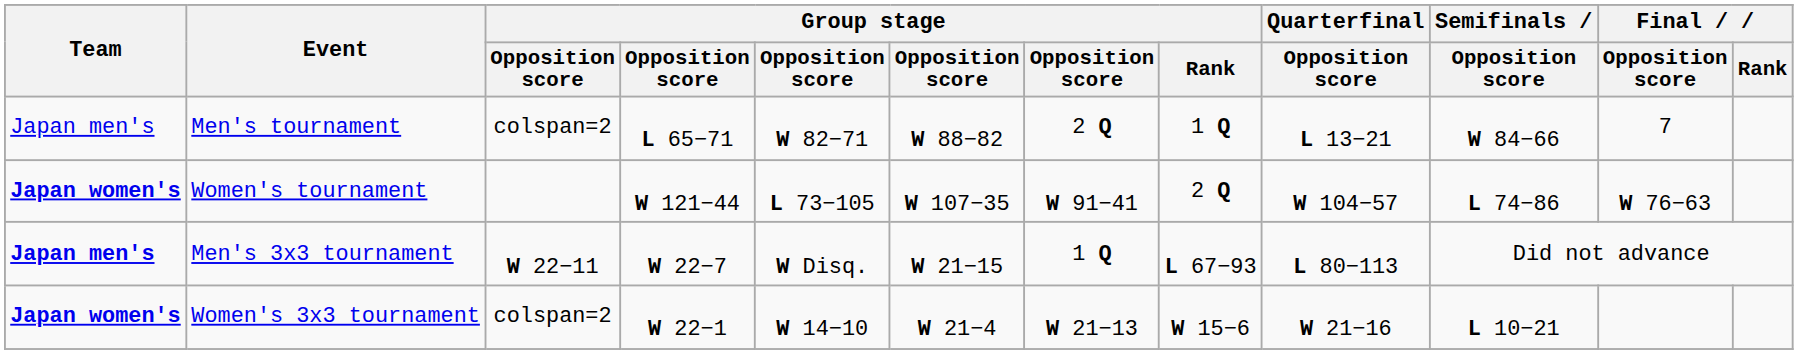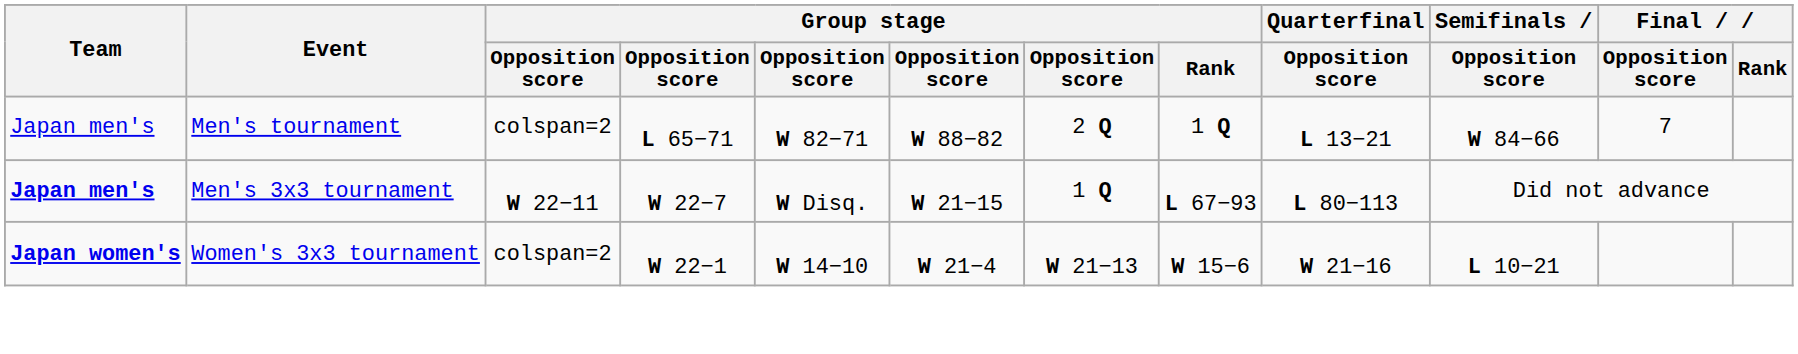 <table class=wikitable style=font-size:90%;text-align:center>
 <tr>
 <th rowspan=2>Team</th>
 <th rowspan=2>Event</th>
 <th colspan=6>Group stage</th>
 <th>Quarterfinal</th>
 <th>Semifinals / </th>
 <th colspan=2>Final /  / </th>
 </tr>
 <tr style="font-size:95%">
 <th>Opposition<br> score</th>
 <th>Opposition<br> score</th>
 <th>Opposition<br> score</th>
 <th>Opposition<br> score</th>
 <th>Opposition<br> score</th>
 <th>Rank</th>
 <th>Opposition<br> score</th>
 <th>Opposition<br> score</th>
 <th>Opposition<br> score</th>
 <th>Rank</th>
 </tr>
 <tr style="text-align:center">
 <td style="text-align:left"><a href='#'>Japan men's</a></td>
 <td style="text-align:left"><a href='#'>Men's tournament</a></td>
 <td>colspan=2 </td>
 <td><br><strong>L</strong> 65−71</td>
 <td><br><strong>W</strong> 82−71</td>
 <td><br><strong>W</strong> 88−82</td>
 <td>2 <strong>Q</strong></td>
 <td>1 <strong>Q</strong></td>
 <td><br><strong>L</strong> 13−21</td>
 <td><br><strong>W</strong> 84−66</td>
 <td>7</td>
 </tr>
 <tr style="text-align:center">
-<td style="text-align:left"><strong><a href='#'>Japan women's</a></strong></td>
-<td style="text-align:left"><a href='#'>Women's tournament</a></td>
-<td></td>
-<td><br><strong>W</strong> 121−44</td>
-<td><br><strong>L</strong> 73−105</td>
-<td><br><strong>W</strong> 107−35</td>
-<td><br><strong>W</strong> 91−41</td>
-<td>2 <strong>Q</strong></td>
-<td><br><strong>W</strong> 104−57</td>
-<td><br><strong>L</strong> 74−86</td>
-<td><br><strong>W</strong> 76−63</td>
-<td></td>
-</tr>
-<tr style="text-align:center">
 <td style="text-align:left"><strong><a href='#'>Japan men's</a></strong></td>
 <td style="text-align:left"><a href='#'>Men's 3x3 tournament</a></td>
 <td><br><strong>W</strong> 22−11</td>
 <td><br><strong>W</strong> 22−7</td>
 <td><br><strong>W</strong> Disq.</td>
 <td><br><strong>W</strong> 21−15</td>
 <td>1 <strong>Q</strong></td>
 <td><br><strong>L</strong> 67−93</td>
 <td><br><strong>L</strong> 80−113</td>
 <td colspan=3>Did not advance</td>
 </tr>
 <tr style="text-align:center">
 <td style="text-align:left"><strong><a href='#'>Japan women's</a></strong></td>
 <td style="text-align:left"><a href='#'>Women's 3x3 tournament</a></td>
 <td>colspan=2 </td>
 <td><br><strong>W</strong> 22−1</td>
 <td><br><strong>W</strong> 14−10</td>
 <td><br><strong>W</strong> 21−4</td>
 <td><br><strong>W</strong> 21−13</td>
 <td><br><strong>W</strong> 15−6</td>
 <td><br><strong>W</strong> 21−16</td>
 <td><br><strong>L</strong> 10−21</td>
 <td></td>
 </tr>
 </table>
